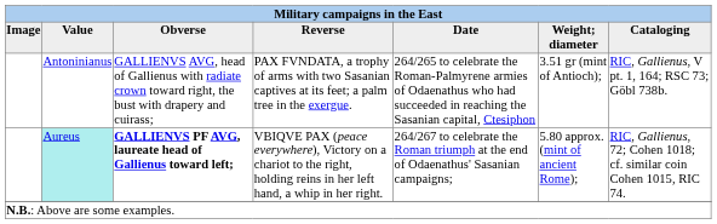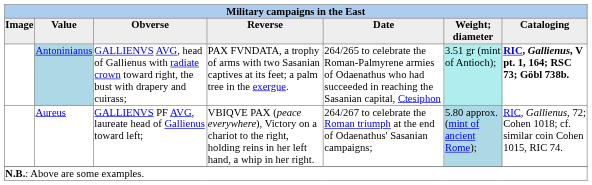 <table border="1" cellspacing="0" align="center" style="border-collapse: collapse; text-align:left; ">
 <tr style="background: #ABCDEF; text-align:center; ">
 <th colspan="7">Military campaigns in the East</th>
 </tr>
 <tr style="background: #eee; text-align:center;  vertical-align: top; ">
 <th>Image</th>
 <th>Value</th>
 <th>Obverse</th>
 <th>Reverse</th>
 <th>Date</th>
 <th>Weight; diameter</th>
 <th>Cataloging</th>
 </tr>
 <tr style=" vertical-align: top;">
 <td></td>
-<td><a href='#'>Antoninianus</a></td>
+<td style="background: lightblue;"><a href='#'>Antoninianus</a></td>
 <td><a href='#'>GALLIENVS</a> <a href='#'>AVG</a>, head of Gallienus with <a href='#'>radiate crown</a> toward right, the bust with drapery and cuirass;</td>
 <td>PAX FVNDATA, a trophy of arms with two Sasanian captives at its feet; a palm tree in the <a href='#'>exergue</a>.</td>
 <td>264/265 to celebrate the Roman-Palmyrene armies of Odaenathus who had succeeded in reaching the Sasanian capital, <a href='#'>Ctesiphon</a></td>
-<td>3.51 gr (mint of Antioch);</td>
-<td><a href='#'>RIC</a>, <em>Gallienus</em>, V pt. 1, 164; RSC 73; Göbl 738b.</td>
+<td style="background: paleturquoise;">3.51 gr (mint of Antioch);</td>
+<td><strong><a href='#'>RIC</a>, <em>Gallienus</em>, V pt. 1, 164; RSC 73; Göbl 738b.</strong></td>
 </tr>
 <tr style=" vertical-align: top;">
 <td></td>
-<td style="background: paleturquoise;"><a href='#'>Aureus</a></td>
-<td><strong><a href='#'>GALLIENVS</a> PF <a href='#'>AVG</a>, laureate head of <a href='#'>Gallienus</a> toward left;</strong></td>
+<td><a href='#'>Aureus</a></td>
+<td><a href='#'>GALLIENVS</a> PF <a href='#'>AVG</a>, laureate head of <a href='#'>Gallienus</a> toward left;</td>
 <td>VBIQVE PAX (<em>peace everywhere</em>), Victory on a chariot to the right, holding reins in her left hand, a whip in her right.</td>
 <td>264/267 to celebrate the <a href='#'>Roman triumph</a> at the end of Odaenathus' Sasanian campaigns;</td>
-<td>5.80 approx. (<a href='#'>mint of ancient Rome</a>);</td>
+<td style="background: lightblue;">5.80 approx. (<a href='#'>mint of ancient Rome</a>);</td>
 <td><a href='#'>RIC</a>, <em>Gallienus</em>, 72; Cohen 1018; cf. similar coin Cohen 1015, RIC 74.</td>
 </tr>
 <tr style="background: #ABCDEF; text-align:center; ">
 </tr>
 <tr>
 <td colspan="7"><strong>N.B.</strong>: Above are some examples.</td>
 </tr>
 </table>
